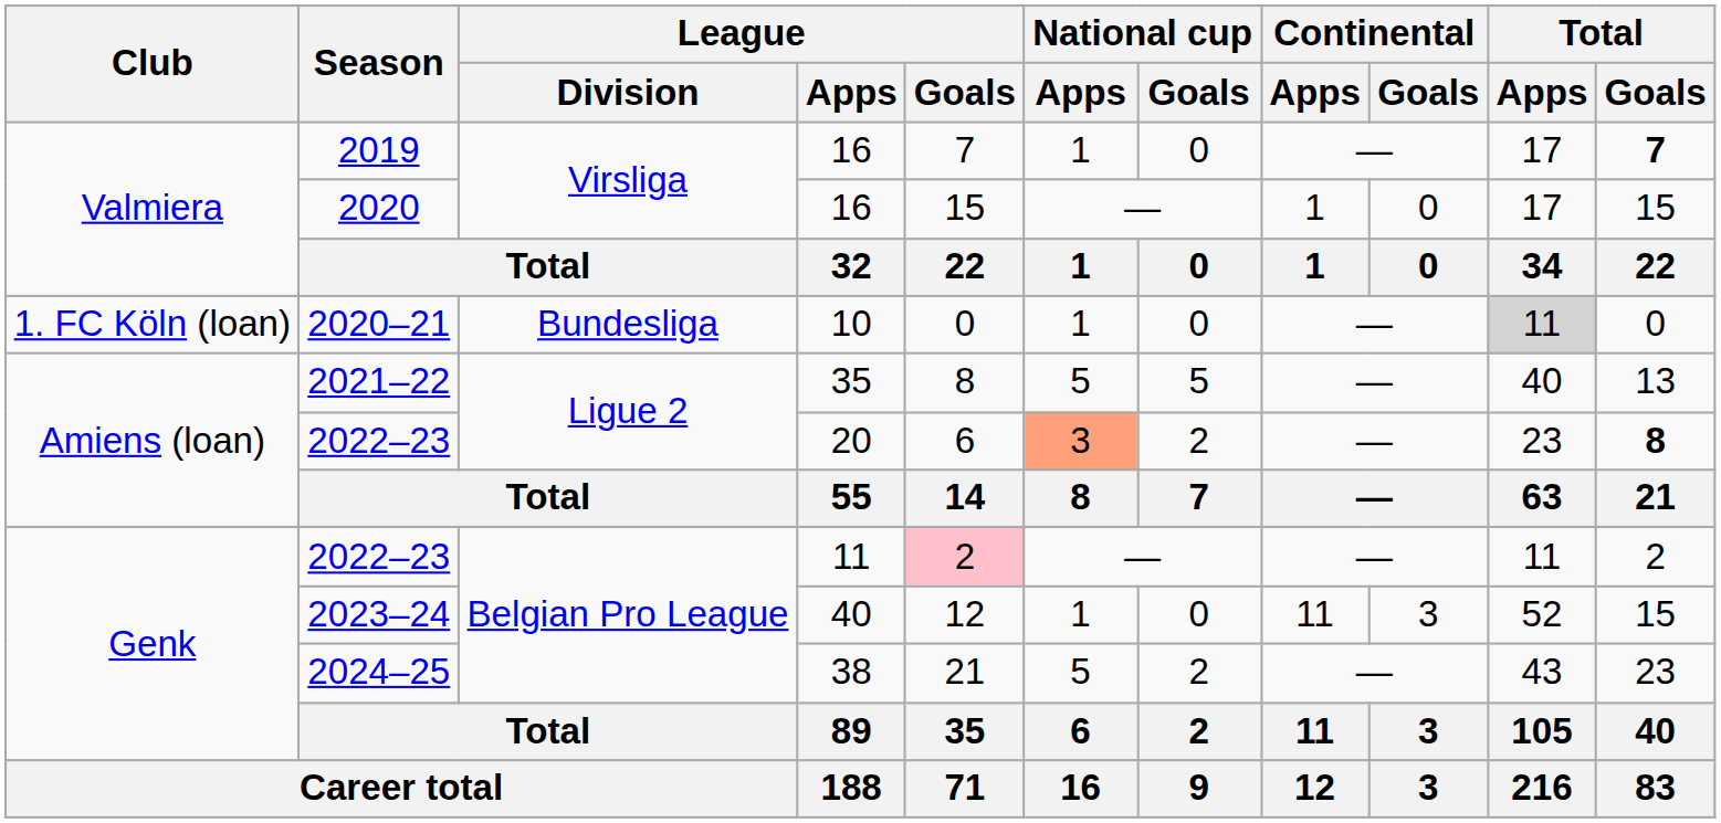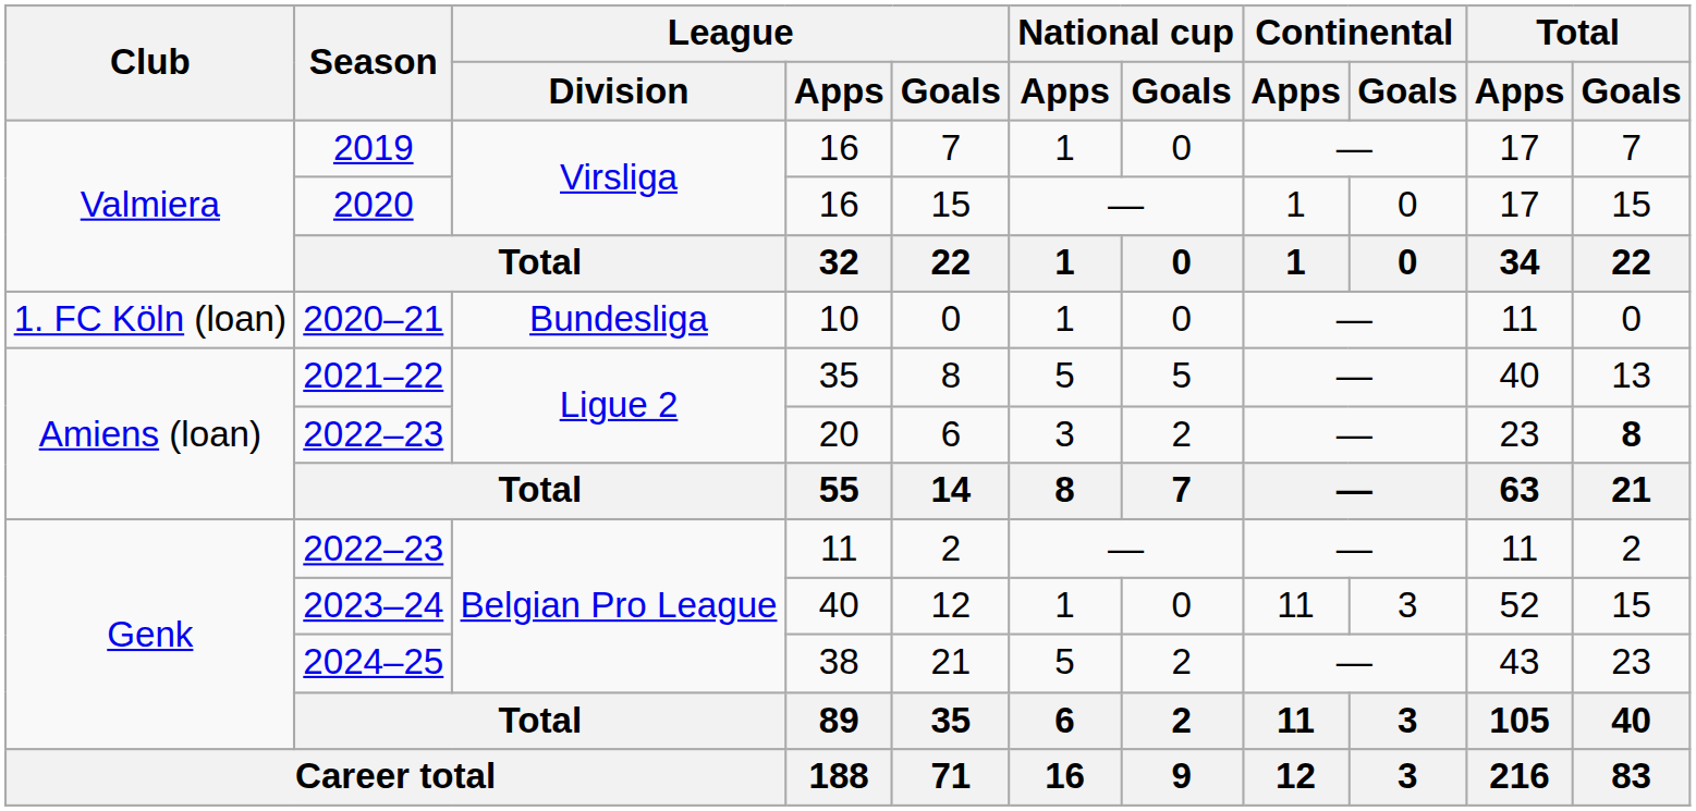 <table class="wikitable" style="text-align:center">
 <tr>
 <th rowspan="2">Club</th>
 <th rowspan="2">Season</th>
 <th colspan="3">League</th>
 <th colspan="2">National cup</th>
 <th colspan="2">Continental</th>
 <th colspan="2">Total</th>
 </tr>
 <tr>
 <th>Division</th>
 <th>Apps</th>
 <th>Goals</th>
 <th>Apps</th>
 <th>Goals</th>
 <th>Apps</th>
 <th>Goals</th>
 <th>Apps</th>
 <th>Goals</th>
 </tr>
 <tr>
 <td rowspan="3"><a href='#'>Valmiera</a></td>
 <td><a href='#'>2019</a></td>
 <td rowspan="2"><a href='#'>Virsliga</a></td>
 <td>16</td>
 <td>7</td>
 <td>1</td>
 <td>0</td>
 <td colspan="2">—</td>
 <td>17</td>
-<td><strong>7</strong></td>
+<td>7</td>
 </tr>
 <tr>
 <td><a href='#'>2020</a></td>
 <td>16</td>
 <td>15</td>
 <td colspan="2">—</td>
 <td>1</td>
 <td>0</td>
 <td>17</td>
 <td>15</td>
 </tr>
 <tr>
 <th colspan="2">Total</th>
 <th>32</th>
 <th>22</th>
 <th>1</th>
 <th>0</th>
 <th>1</th>
 <th>0</th>
 <th>34</th>
 <th>22</th>
 </tr>
 <tr>
 <td><a href='#'>1. FC Köln</a> (loan)</td>
 <td><a href='#'>2020–21</a></td>
 <td><a href='#'>Bundesliga</a></td>
 <td>10</td>
 <td>0</td>
 <td>1</td>
 <td>0</td>
 <td colspan="2">—</td>
-<td style="background: lightgrey;">11</td>
+<td>11</td>
 <td>0</td>
 </tr>
 <tr>
 <td rowspan="3"><a href='#'>Amiens</a> (loan)</td>
 <td><a href='#'>2021–22</a></td>
 <td rowspan="2"><a href='#'>Ligue 2</a></td>
 <td>35</td>
 <td>8</td>
 <td>5</td>
 <td>5</td>
 <td colspan="2">—</td>
 <td>40</td>
 <td>13</td>
 </tr>
 <tr>
 <td><a href='#'>2022–23</a></td>
 <td>20</td>
 <td>6</td>
-<td style="background: lightsalmon;">3</td>
+<td>3</td>
 <td>2</td>
 <td colspan="2">—</td>
 <td>23</td>
 <td><strong>8</strong></td>
 </tr>
 <tr>
 <th colspan="2">Total</th>
 <th>55</th>
 <th>14</th>
 <th>8</th>
 <th>7</th>
 <th colspan="2">—</th>
 <th>63</th>
 <th>21</th>
 </tr>
 <tr>
 <td rowspan="4"><a href='#'>Genk</a></td>
 <td><a href='#'>2022–23</a></td>
 <td rowspan="3"><a href='#'>Belgian Pro League</a></td>
 <td>11</td>
-<td style="background: pink;">2</td>
+<td>2</td>
 <td colspan="2">—</td>
 <td colspan="2">—</td>
 <td>11</td>
 <td>2</td>
 </tr>
 <tr>
 <td><a href='#'>2023–24</a></td>
 <td>40</td>
 <td>12</td>
 <td>1</td>
 <td>0</td>
 <td>11</td>
 <td>3</td>
 <td>52</td>
 <td>15</td>
 </tr>
 <tr>
 <td><a href='#'>2024–25</a></td>
 <td>38</td>
 <td>21</td>
 <td>5</td>
 <td>2</td>
 <td colspan="2">—</td>
 <td>43</td>
 <td>23</td>
 </tr>
 <tr>
 <th colspan="2">Total</th>
 <th>89</th>
 <th>35</th>
 <th>6</th>
 <th>2</th>
 <th>11</th>
 <th>3</th>
 <th>105</th>
 <th>40</th>
 </tr>
 <tr>
 <th colspan="3">Career total</th>
 <th>188</th>
 <th>71</th>
 <th>16</th>
 <th>9</th>
 <th>12</th>
 <th>3</th>
 <th>216</th>
 <th>83</th>
 </tr>
 </table>
